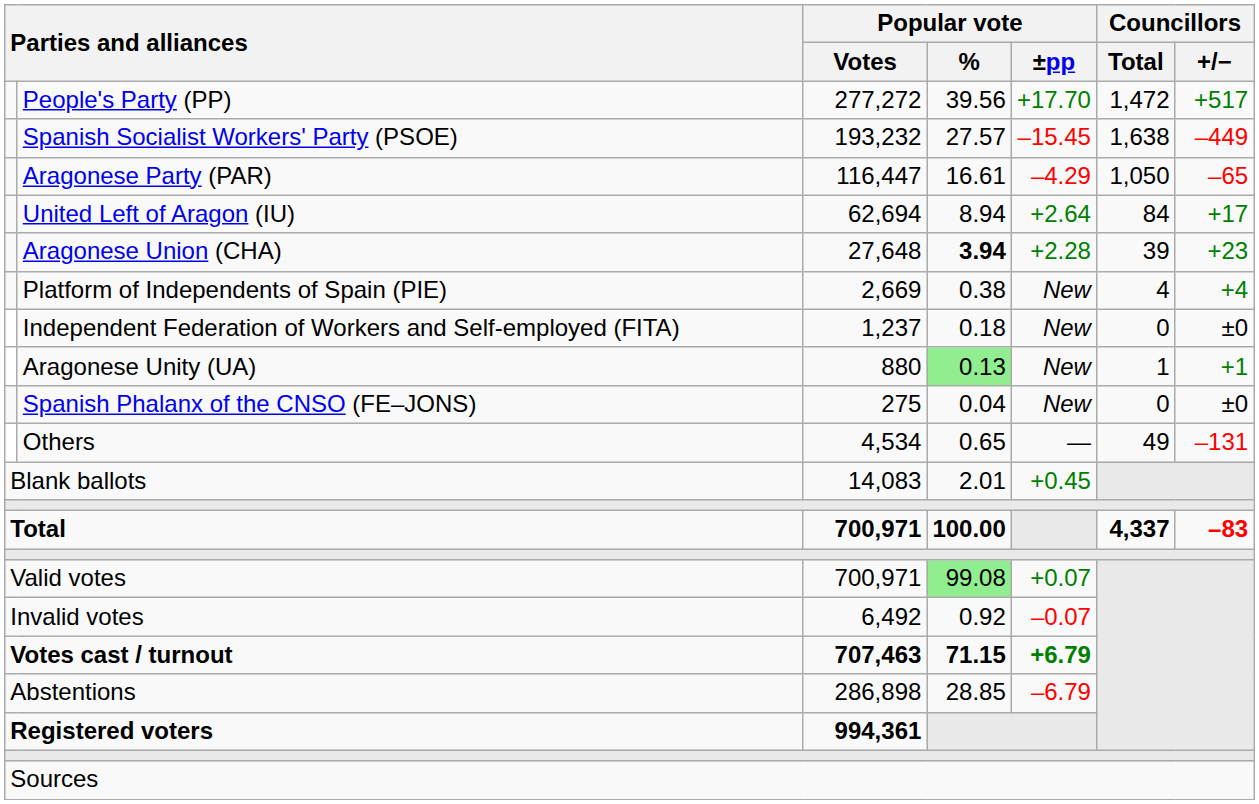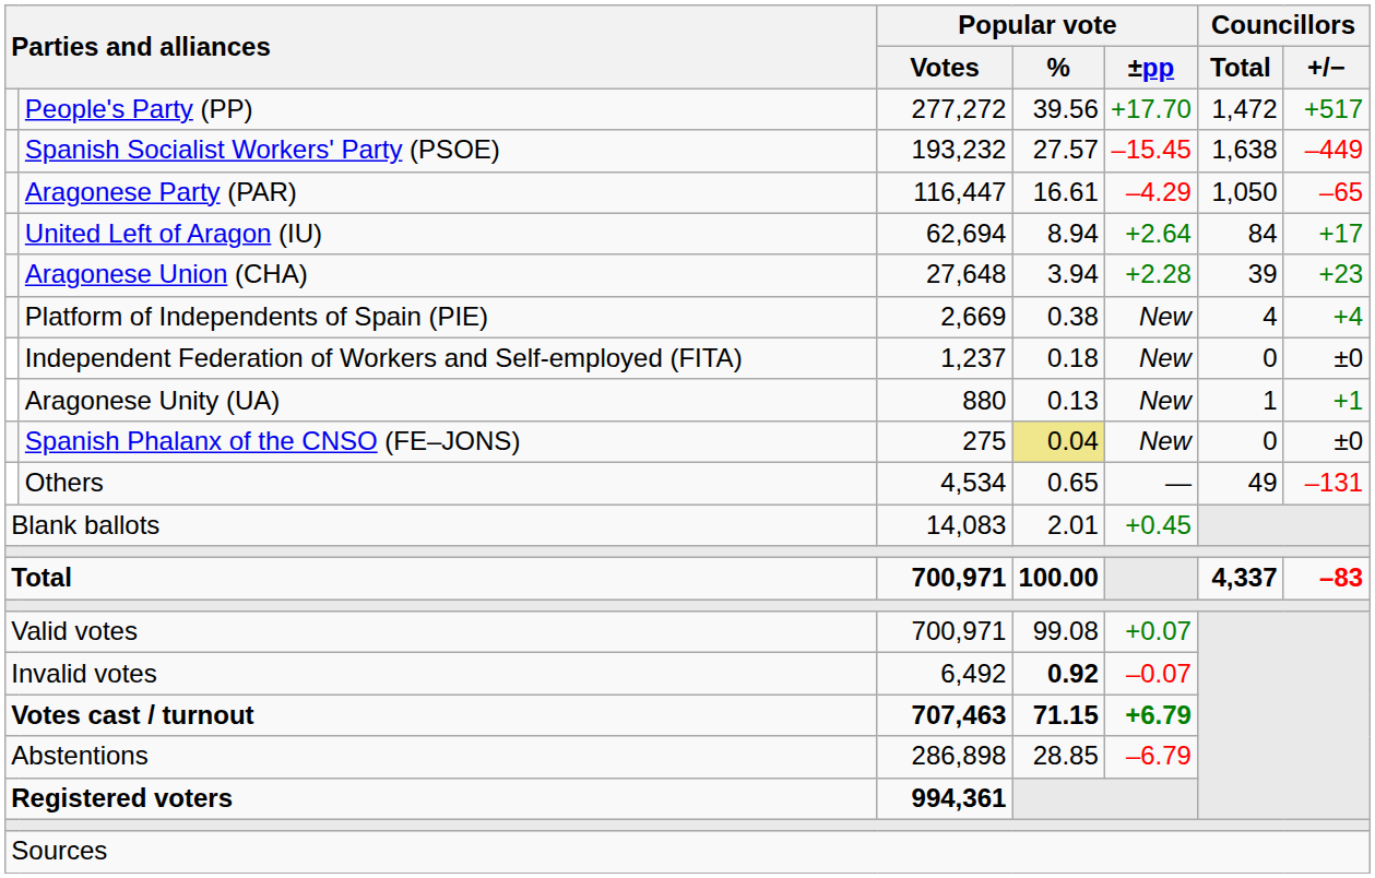 <table class="wikitable" style="text-align:right;">
 <tr>
 <th style="text-align:left;" rowspan="2" colspan="2" width="525">Parties and alliances</th>
 <th colspan="3">Popular vote</th>
 <th colspan="2">Councillors</th>
 </tr>
 <tr>
 <th width="75">Votes</th>
 <th width="45">%</th>
 <th width="45">±<a href='#'>pp</a></th>
 <th width="45">Total</th>
 <th width="45">+/−</th>
 </tr>
 <tr>
 <td width="1" style="color:inherit;background:"></td>
 <td align="left"><a href='#'>People's Party</a> (PP)</td>
 <td>277,272</td>
 <td>39.56</td>
 <td style="color:green;">+17.70</td>
 <td>1,472</td>
 <td style="color:green;">+517</td>
 </tr>
 <tr>
 <td style="color:inherit;background:"></td>
 <td align="left"><a href='#'>Spanish Socialist Workers' Party</a> (PSOE)</td>
 <td>193,232</td>
 <td>27.57</td>
 <td style="color:red;">–15.45</td>
 <td>1,638</td>
 <td style="color:red;">–449</td>
 </tr>
 <tr>
 <td style="color:inherit;background:"></td>
 <td align="left"><a href='#'>Aragonese Party</a> (PAR)</td>
 <td>116,447</td>
 <td>16.61</td>
 <td style="color:red;">–4.29</td>
 <td>1,050</td>
 <td style="color:red;">–65</td>
 </tr>
 <tr>
 <td style="color:inherit;background:"></td>
 <td align="left"><a href='#'>United Left of Aragon</a> (IU)</td>
 <td>62,694</td>
 <td>8.94</td>
 <td style="color:green;">+2.64</td>
 <td>84</td>
 <td style="color:green;">+17</td>
 </tr>
 <tr>
 <td style="color:inherit;background:"></td>
 <td align="left"><a href='#'>Aragonese Union</a> (CHA)</td>
 <td>27,648</td>
-<td><strong>3.94</strong></td>
+<td>3.94</td>
 <td style="color:green;">+2.28</td>
 <td>39</td>
 <td style="color:green;">+23</td>
 </tr>
 <tr>
 <td style="color:inherit;background:"></td>
 <td align="left">Platform of Independents of Spain (PIE)</td>
 <td>2,669</td>
 <td>0.38</td>
 <td><em>New</em></td>
 <td>4</td>
 <td style="color:green;">+4</td>
 </tr>
 <tr>
 <td bgcolor="white"></td>
 <td align="left">Independent Federation of Workers and Self-employed (FITA)</td>
 <td>1,237</td>
 <td>0.18</td>
 <td><em>New</em></td>
 <td>0</td>
 <td>±0</td>
 </tr>
 <tr>
 <td bgcolor="white"></td>
 <td align="left">Aragonese Unity (UA)</td>
 <td>880</td>
-<td style="background: lightgreen;">0.13</td>
+<td>0.13</td>
 <td><em>New</em></td>
 <td>1</td>
 <td style="color:green;">+1</td>
 </tr>
 <tr>
 <td style="color:inherit;background:"></td>
 <td align="left"><a href='#'>Spanish Phalanx of the CNSO</a> (FE–JONS)</td>
 <td>275</td>
-<td>0.04</td>
+<td style="background: khaki;">0.04</td>
 <td><em>New</em></td>
 <td>0</td>
 <td>±0</td>
 </tr>
 <tr>
 <td bgcolor="white"></td>
 <td align="left">Others</td>
 <td>4,534</td>
 <td>0.65</td>
 <td>—</td>
 <td>49</td>
 <td style="color:red;">–131</td>
 </tr>
 <tr>
 <td align="left" colspan="2">Blank ballots</td>
 <td>14,083</td>
 <td>2.01</td>
 <td style="color:green;">+0.45</td>
 <td bgcolor="#E9E9E9" colspan="2"></td>
 </tr>
 <tr>
 <td colspan="7" bgcolor="#E9E9E9"></td>
 </tr>
 <tr style="font-weight:bold;">
 <td align="left" colspan="2">Total</td>
 <td>700,971</td>
 <td>100.00</td>
 <td bgcolor="#E9E9E9"></td>
 <td>4,337</td>
 <td style="color:red;">–83</td>
 </tr>
 <tr>
 <td colspan="7" bgcolor="#E9E9E9"></td>
 </tr>
 <tr>
 <td align="left" colspan="2">Valid votes</td>
 <td>700,971</td>
-<td style="background: lightgreen;">99.08</td>
+<td>99.08</td>
 <td style="color:green;">+0.07</td>
 <td bgcolor="#E9E9E9" colspan="2" rowspan="5"></td>
 </tr>
 <tr>
 <td align="left" colspan="2">Invalid votes</td>
 <td>6,492</td>
-<td>0.92</td>
+<td><strong>0.92</strong></td>
 <td style="color:red;">–0.07</td>
 </tr>
 <tr style="font-weight:bold;">
 <td align="left" colspan="2">Votes cast / turnout</td>
 <td>707,463</td>
 <td>71.15</td>
 <td style="color:green;">+6.79</td>
 </tr>
 <tr>
 <td align="left" colspan="2">Abstentions</td>
 <td>286,898</td>
 <td>28.85</td>
 <td style="color:red;">–6.79</td>
 </tr>
 <tr style="font-weight:bold;">
 <td align="left" colspan="2">Registered voters</td>
 <td>994,361</td>
 <td bgcolor="#E9E9E9" colspan="2"></td>
 </tr>
 <tr>
 <td colspan="7" bgcolor="#E9E9E9"></td>
 </tr>
 <tr>
 <td align="left" colspan="7">Sources</td>
 </tr>
 </table>
